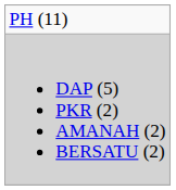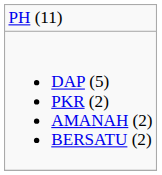 <table class="wikitable">
 <tr>
 <td> <a href='#'>PH</a> (11)</td>
 </tr>
 <tr>
-<td style="background: lightgrey;"><br><ul><li> <a href='#'>DAP</a> (5)</li><li> <a href='#'>PKR</a> (2)</li><li> <a href='#'>AMANAH</a> (2)</li><li> <a href='#'>BERSATU</a> (2)</li></ul></td>
+<td><br><ul><li> <a href='#'>DAP</a> (5)</li><li> <a href='#'>PKR</a> (2)</li><li> <a href='#'>AMANAH</a> (2)</li><li> <a href='#'>BERSATU</a> (2)</li></ul></td>
 </tr>
 <tr>
 </tr>
 </table>
